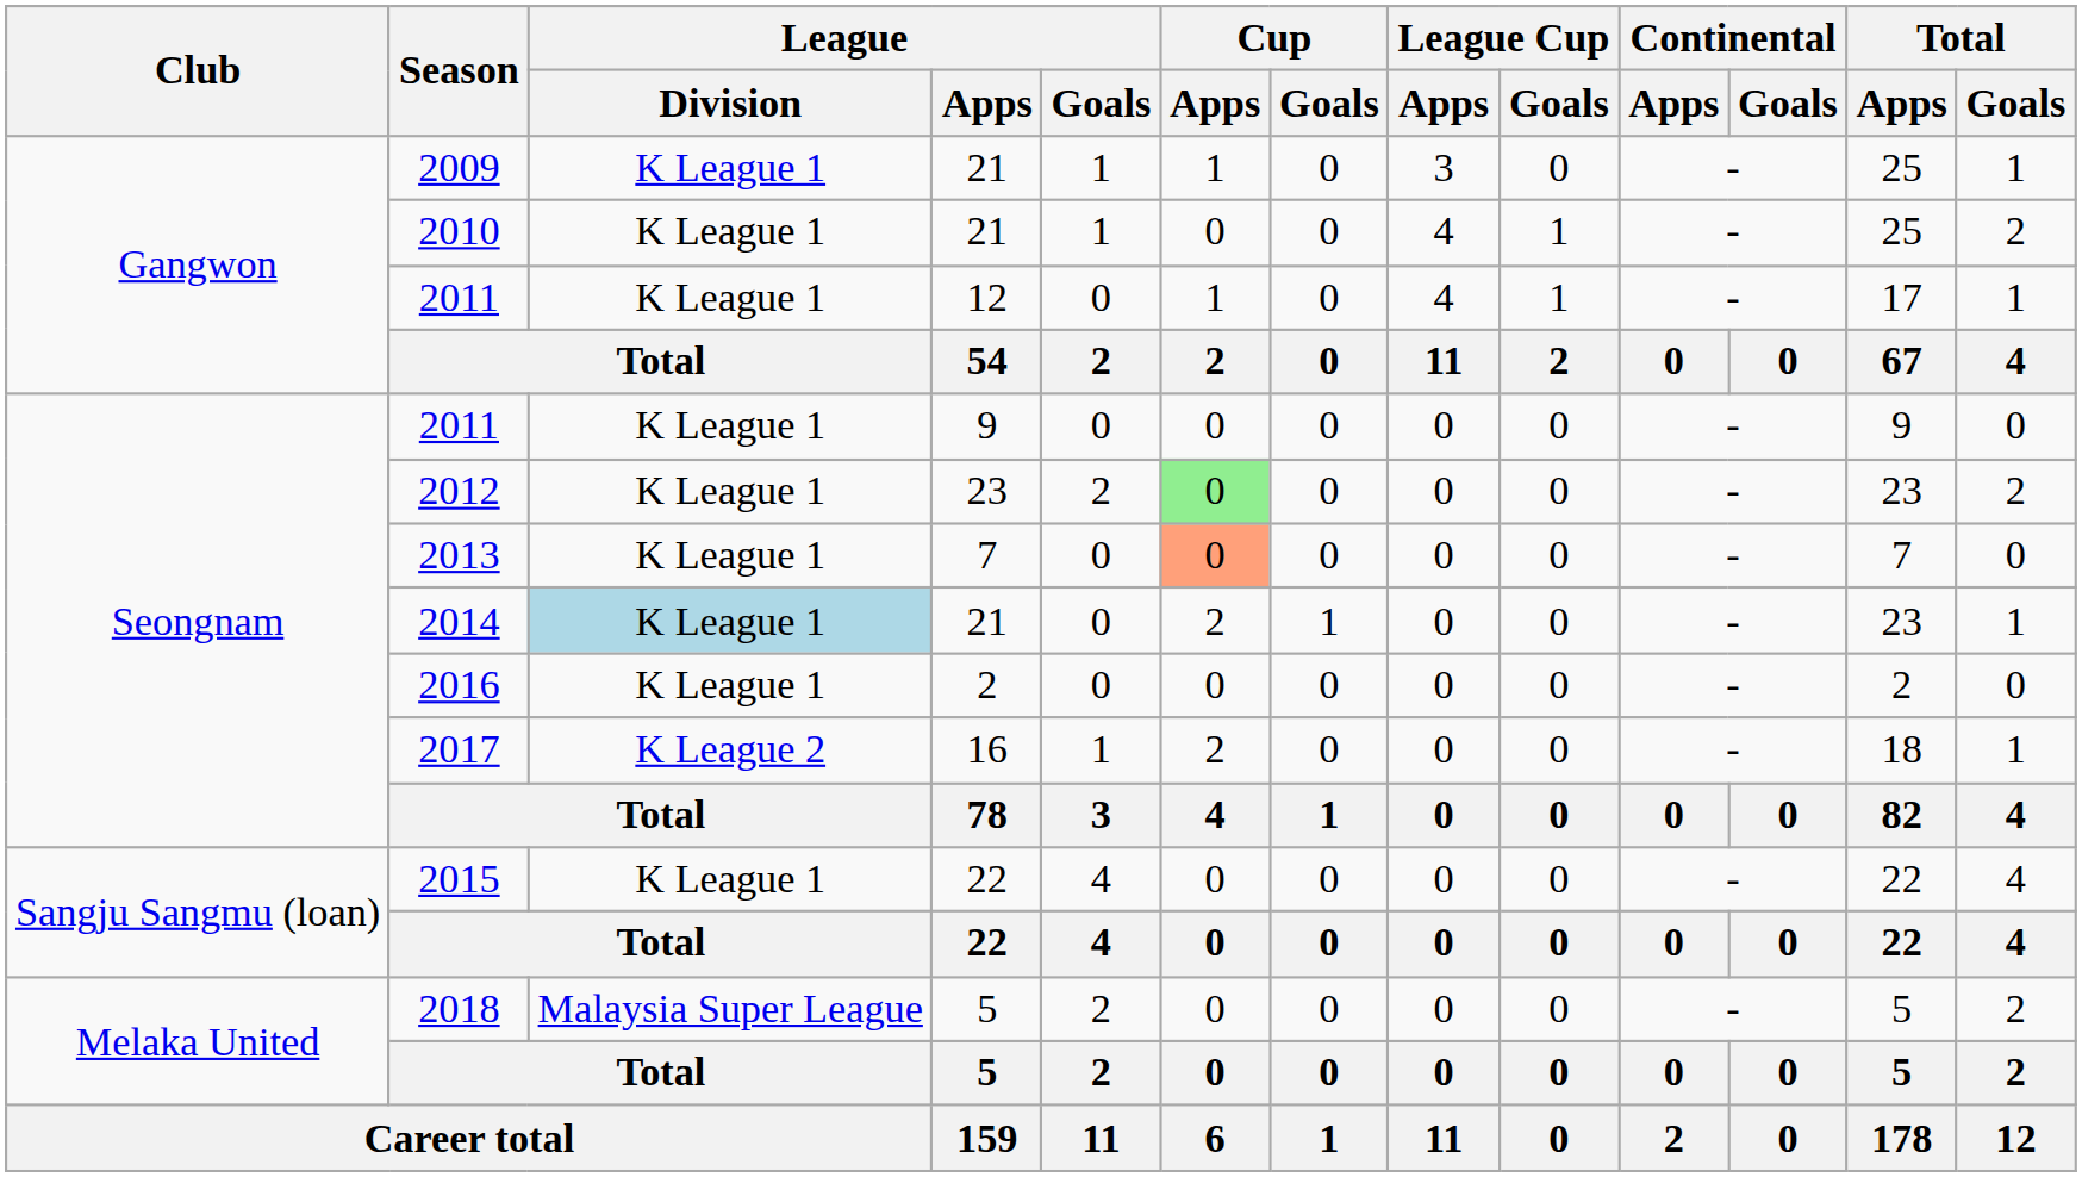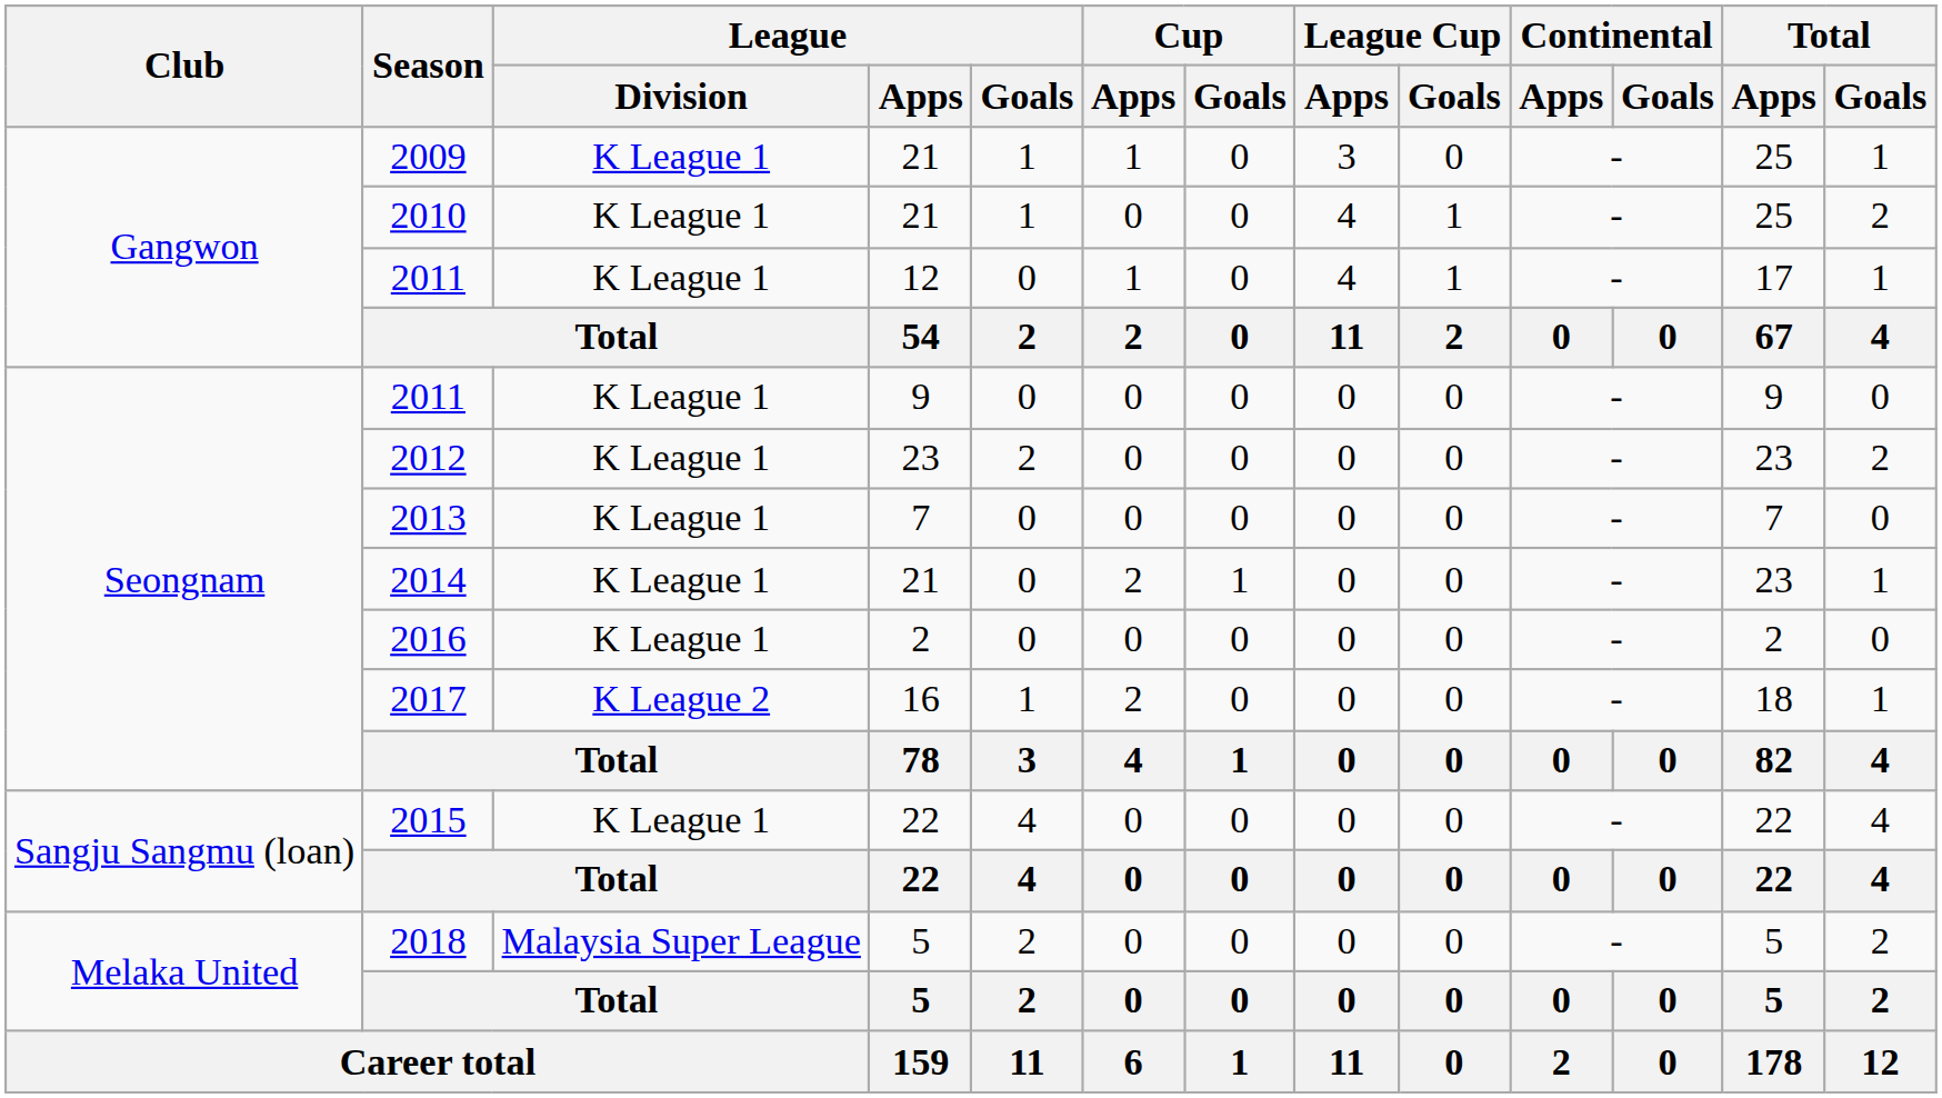 <table class=wikitable style="text-align: center">
 <tr>
 <th rowspan=2>Club</th>
 <th rowspan=2>Season</th>
 <th colspan=3>League</th>
 <th colspan=2>Cup</th>
 <th colspan=2>League Cup</th>
 <th colspan=2>Continental</th>
 <th colspan=2>Total</th>
 </tr>
 <tr>
 <th>Division</th>
 <th>Apps</th>
 <th>Goals</th>
 <th>Apps</th>
 <th>Goals</th>
 <th>Apps</th>
 <th>Goals</th>
 <th>Apps</th>
 <th>Goals</th>
 <th>Apps</th>
 <th>Goals</th>
 </tr>
 <tr>
 <td rowspan=4><a href='#'>Gangwon</a></td>
 <td><a href='#'>2009</a></td>
 <td><a href='#'>K League 1</a></td>
 <td>21</td>
 <td>1</td>
 <td>1</td>
 <td>0</td>
 <td>3</td>
 <td>0</td>
 <td colspan="2">-</td>
 <td>25</td>
 <td>1</td>
 </tr>
 <tr>
 <td><a href='#'>2010</a></td>
 <td>K League 1</td>
 <td>21</td>
 <td>1</td>
 <td>0</td>
 <td>0</td>
 <td>4</td>
 <td>1</td>
 <td colspan="2">-</td>
 <td>25</td>
 <td>2</td>
 </tr>
 <tr>
 <td><a href='#'>2011</a></td>
 <td>K League 1</td>
 <td>12</td>
 <td>0</td>
 <td>1</td>
 <td>0</td>
 <td>4</td>
 <td>1</td>
 <td colspan="2">-</td>
 <td>17</td>
 <td>1</td>
 </tr>
 <tr>
 <th colspan=2>Total</th>
 <th>54</th>
 <th>2</th>
 <th>2</th>
 <th>0</th>
 <th>11</th>
 <th>2</th>
 <th>0</th>
 <th>0</th>
 <th>67</th>
 <th>4</th>
 </tr>
 <tr>
 <td rowspan=7><a href='#'>Seongnam</a></td>
 <td><a href='#'>2011</a></td>
 <td>K League 1</td>
 <td>9</td>
 <td>0</td>
 <td>0</td>
 <td>0</td>
 <td>0</td>
 <td>0</td>
 <td colspan="2">-</td>
 <td>9</td>
 <td>0</td>
 </tr>
 <tr>
 <td><a href='#'>2012</a></td>
 <td>K League 1</td>
 <td>23</td>
 <td>2</td>
-<td style="background: lightgreen;">0</td>
+<td>0</td>
 <td>0</td>
 <td>0</td>
 <td>0</td>
 <td colspan="2">-</td>
 <td>23</td>
 <td>2</td>
 </tr>
 <tr>
 <td><a href='#'>2013</a></td>
 <td>K League 1</td>
 <td>7</td>
 <td>0</td>
-<td style="background: lightsalmon;">0</td>
+<td>0</td>
 <td>0</td>
 <td>0</td>
 <td>0</td>
 <td colspan="2">-</td>
 <td>7</td>
 <td>0</td>
 </tr>
 <tr>
 <td><a href='#'>2014</a></td>
-<td style="background: lightblue;">K League 1</td>
+<td>K League 1</td>
 <td>21</td>
 <td>0</td>
 <td>2</td>
 <td>1</td>
 <td>0</td>
 <td>0</td>
 <td colspan="2">-</td>
 <td>23</td>
 <td>1</td>
 </tr>
 <tr>
 <td><a href='#'>2016</a></td>
 <td>K League 1</td>
 <td>2</td>
 <td>0</td>
 <td>0</td>
 <td>0</td>
 <td>0</td>
 <td>0</td>
 <td colspan="2">-</td>
 <td>2</td>
 <td>0</td>
 </tr>
 <tr>
 <td><a href='#'>2017</a></td>
 <td><a href='#'>K League 2</a></td>
 <td>16</td>
 <td>1</td>
 <td>2</td>
 <td>0</td>
 <td>0</td>
 <td>0</td>
 <td colspan="2">-</td>
 <td>18</td>
 <td>1</td>
 </tr>
 <tr>
 <th colspan=2>Total</th>
 <th>78</th>
 <th>3</th>
 <th>4</th>
 <th>1</th>
 <th>0</th>
 <th>0</th>
 <th>0</th>
 <th>0</th>
 <th>82</th>
 <th>4</th>
 </tr>
 <tr>
 <td rowspan=2><a href='#'>Sangju Sangmu</a> (loan)</td>
 <td><a href='#'>2015</a></td>
 <td>K League 1</td>
 <td>22</td>
 <td>4</td>
 <td>0</td>
 <td>0</td>
 <td>0</td>
 <td>0</td>
 <td colspan="2">-</td>
 <td>22</td>
 <td>4</td>
 </tr>
 <tr>
 <th colspan=2>Total</th>
 <th>22</th>
 <th>4</th>
 <th>0</th>
 <th>0</th>
 <th>0</th>
 <th>0</th>
 <th>0</th>
 <th>0</th>
 <th>22</th>
 <th>4</th>
 </tr>
 <tr>
 <td rowspan=2><a href='#'>Melaka United</a></td>
 <td><a href='#'>2018</a></td>
 <td><a href='#'>Malaysia Super League</a></td>
 <td>5</td>
 <td>2</td>
 <td>0</td>
 <td>0</td>
 <td>0</td>
 <td>0</td>
 <td colspan="2">-</td>
 <td>5</td>
 <td>2</td>
 </tr>
 <tr>
 <th colspan=2>Total</th>
 <th>5</th>
 <th>2</th>
 <th>0</th>
 <th>0</th>
 <th>0</th>
 <th>0</th>
 <th>0</th>
 <th>0</th>
 <th>5</th>
 <th>2</th>
 </tr>
 <tr>
 <th colspan=3>Career total</th>
 <th>159</th>
 <th>11</th>
 <th>6</th>
 <th>1</th>
 <th>11</th>
 <th>0</th>
 <th>2</th>
 <th>0</th>
 <th>178</th>
 <th>12</th>
 </tr>
 </table>
